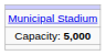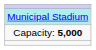 <table class="wikitable" style="text-align:center; margin: 1em auto;">
 <tr>
 <th style="background-color:#CCCCFF"></th>
 </tr>
 <tr>
-<td><a href='#'>Municipal Stadium</a></td>
+<td style="background: paleturquoise;"><a href='#'>Municipal Stadium</a></td>
 </tr>
 <tr>
 <td>Capacity: <strong>5,000</strong></td>
 </tr>
 <tr>
 <td></td>
 </tr>
 </table>
